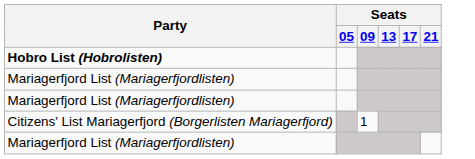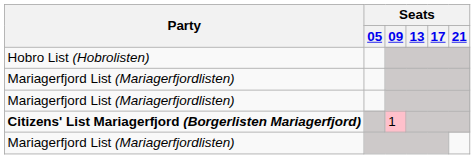 <table class="wikitable">
 <tr>
 <th rowspan=2>Party</th>
 <th colspan=11>Seats</th>
 </tr>
 <tr>
 <th><a href='#'>05</a></th>
 <th><a href='#'>09</a></th>
 <th><a href='#'>13</a></th>
 <th><a href='#'>17</a></th>
 <th><a href='#'>21</a></th>
 </tr>
 <tr>
-<td><strong>Hobro List <em>(Hobrolisten)</em></strong></td>
+<td>Hobro List <em>(Hobrolisten)</em></td>
 <td></td>
 <td style="background:#CDC9C9;" colspan=4></td>
 </tr>
 <tr>
 <td>Mariagerfjord List <em>(Mariagerfjordlisten)</em></td>
 <td></td>
 <td style="background:#CDC9C9;" colspan=4></td>
 </tr>
 <tr>
 <td>Mariagerfjord List <em>(Mariagerfjordlisten)</em></td>
 <td></td>
 <td style="background:#CDC9C9;" colspan=4></td>
 </tr>
 <tr>
-<td>Citizens' List Mariagerfjord <em>(Borgerlisten Mariagerfjord)</em></td>
+<td><strong>Citizens' List Mariagerfjord <em>(Borgerlisten Mariagerfjord)</em></strong></td>
 <td style="background:#CDC9C9;"></td>
-<td>1</td>
+<td style="background: pink;">1</td>
 <td style="background:#CDC9C9;" colspan=3></td>
 </tr>
 <tr>
 <td>Mariagerfjord List <em>(Mariagerfjordlisten)</em></td>
 <td style="background:#CDC9C9;" colspan=4></td>
 <td></td>
 </tr>
 </table>
